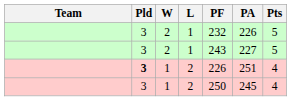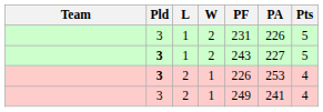 <table class="wikitable" style="text-align:center;">
 <tr>
 <th width=170>Team</th>
 <th width=25>Pld</th>
+<th width=25>L</th>
 <th width=25>W</th>
-<th width=25>L</th>
 <th width=35>PF</th>
 <th width=35>PA</th>
 <th width=25>Pts</th>
 </tr>
 <tr bgcolor=#ccffcc>
 <td align="left"></td>
 <td>3</td>
+<td>1</td>
 <td>2</td>
-<td>1</td>
-<td>232</td>
+<td>231</td>
 <td>226</td>
 <td>5</td>
 </tr>
 <tr bgcolor=#ccffcc>
 <td align="left"></td>
-<td>3</td>
+<td><strong>3</strong></td>
+<td>1</td>
 <td>2</td>
-<td>1</td>
 <td>243</td>
 <td>227</td>
 <td>5</td>
 </tr>
 <tr bgcolor=#ffcccc>
 <td align="left"></td>
 <td><strong>3</strong></td>
+<td>2</td>
 <td>1</td>
-<td>2</td>
 <td>226</td>
-<td>251</td>
+<td>253</td>
 <td>4</td>
 </tr>
 <tr bgcolor=#ffcccc>
 <td align="left"></td>
 <td>3</td>
+<td>2</td>
 <td>1</td>
-<td>2</td>
-<td>250</td>
-<td>245</td>
+<td>249</td>
+<td>241</td>
 <td>4</td>
 </tr>
 </table>
